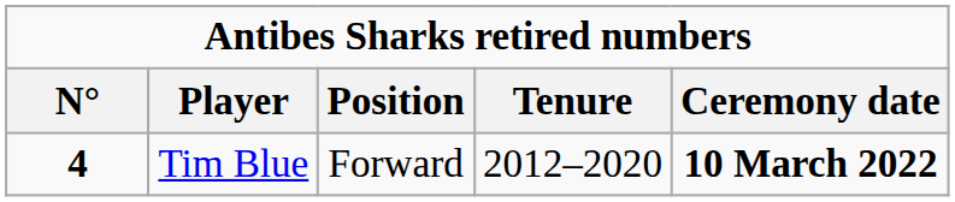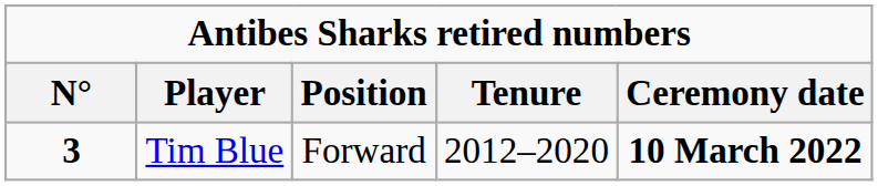 <table class="wikitable sortable" style="text-align:center">
 <tr>
 <td colspan="5"><strong>Antibes Sharks retired numbers</strong></td>
 </tr>
 <tr>
 <th>N°</th>
 <th>Player</th>
 <th>Position</th>
 <th>Tenure</th>
 <th>Ceremony date</th>
 </tr>
 <tr>
-<td width=50><strong>4</strong></td>
+<td width=50><strong>3</strong></td>
 <td><a href='#'>Tim Blue</a></td>
 <td>Forward</td>
 <td>2012–2020</td>
 <td><strong>10 March 2022</strong></td>
 </tr>
 </table>
